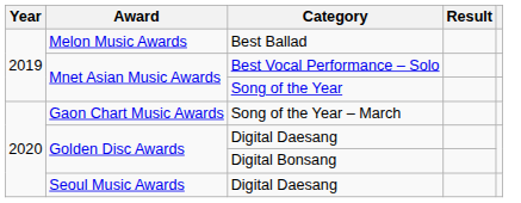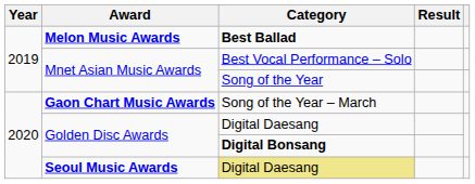 <table class="wikitable sortable">
 <tr>
 <th scope="col">Year</th>
 <th scope="col">Award</th>
 <th scope="col">Category</th>
 <th scope="col">Result</th>
 <th scope="col" class="unsortable"></th>
 </tr>
 <tr>
 <td rowspan="3">2019</td>
-<td><a href='#'>Melon Music Awards</a></td>
-<td>Best Ballad</td>
+<td><strong><a href='#'>Melon Music Awards</a></strong></td>
+<td><strong>Best Ballad</strong></td>
 <td></td>
 <td style="text-align:center"></td>
 </tr>
 <tr>
 <td rowspan="2"><a href='#'>Mnet Asian Music Awards</a></td>
 <td><a href='#'>Best Vocal Performance – Solo</a></td>
 <td></td>
 <td style="text-align:center"></td>
 </tr>
 <tr>
 <td><a href='#'>Song of the Year</a></td>
 <td></td>
 <td style="text-align:center"></td>
 </tr>
 <tr>
 <td rowspan="4">2020</td>
-<td><a href='#'>Gaon Chart Music Awards</a></td>
+<td><strong><a href='#'>Gaon Chart Music Awards</a></strong></td>
 <td>Song of the Year – March</td>
 <td></td>
 <td style="text-align:center"></td>
 </tr>
 <tr>
 <td rowspan="2"><a href='#'>Golden Disc Awards</a></td>
 <td>Digital Daesang</td>
 <td></td>
 <td style="text-align:center" rowspan="2"></td>
 </tr>
 <tr>
-<td>Digital Bonsang</td>
+<td><strong>Digital Bonsang</strong></td>
 <td></td>
 </tr>
 <tr>
-<td><a href='#'>Seoul Music Awards</a></td>
-<td>Digital Daesang</td>
+<td><strong><a href='#'>Seoul Music Awards</a></strong></td>
+<td style="background: khaki;">Digital Daesang</td>
 <td></td>
 <td style="text-align:center"></td>
 </tr>
 </table>
